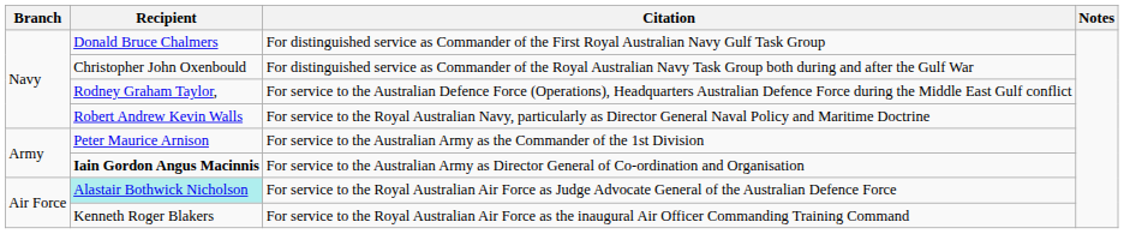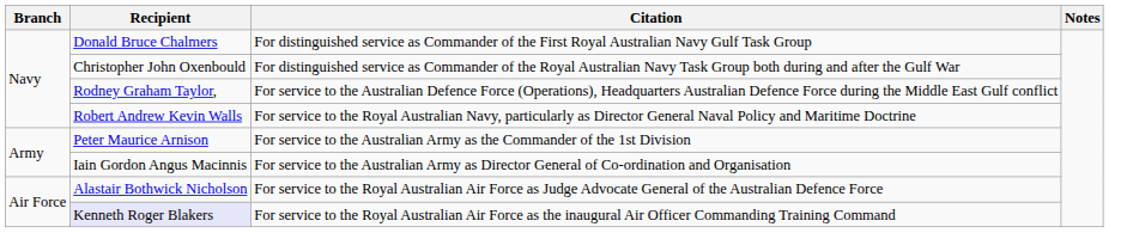 <table class="wikitable" style="font-size:95%;">
 <tr>
 <th>Branch</th>
 <th>Recipient</th>
 <th>Citation</th>
 <th>Notes</th>
 </tr>
 <tr>
 <td rowspan=4>Navy</td>
 <td> <a href='#'>Donald Bruce Chalmers</a></td>
 <td>For distinguished service as Commander of the First Royal Australian Navy Gulf Task Group</td>
 <td rowspan=8></td>
 </tr>
 <tr>
 <td> Christopher John Oxenbould</td>
 <td>For distinguished service as Commander of the Royal Australian Navy Task Group both during and after the Gulf War</td>
 </tr>
 <tr>
 <td> <a href='#'>Rodney Graham Taylor</a>, </td>
 <td>For service to the Australian Defence Force (Operations), Headquarters Australian Defence Force during the Middle East Gulf conflict</td>
 </tr>
 <tr>
 <td> <a href='#'>Robert Andrew Kevin Walls</a></td>
 <td>For service to the Royal Australian Navy, particularly as Director General Naval Policy and Maritime Doctrine</td>
 </tr>
 <tr>
 <td rowspan=2>Army</td>
 <td> <a href='#'>Peter Maurice Arnison</a></td>
 <td>For service to the Australian Army as the Commander of the 1st Division</td>
 </tr>
 <tr>
-<td><strong> Iain Gordon Angus Macinnis</strong></td>
+<td> Iain Gordon Angus Macinnis</td>
 <td>For service to the Australian Army as Director General of Co-ordination and Organisation</td>
 </tr>
 <tr>
 <td rowspan=2>Air Force</td>
-<td style="background: paleturquoise;"> <a href='#'>Alastair Bothwick Nicholson</a></td>
+<td> <a href='#'>Alastair Bothwick Nicholson</a></td>
 <td>For service to the Royal Australian Air Force as Judge Advocate General of the Australian Defence Force</td>
 </tr>
 <tr>
-<td> Kenneth Roger Blakers</td>
+<td style="background: lavender;"> Kenneth Roger Blakers</td>
 <td>For service to the Royal Australian Air Force as the inaugural Air Officer Commanding Training Command</td>
 </tr>
 </table>
